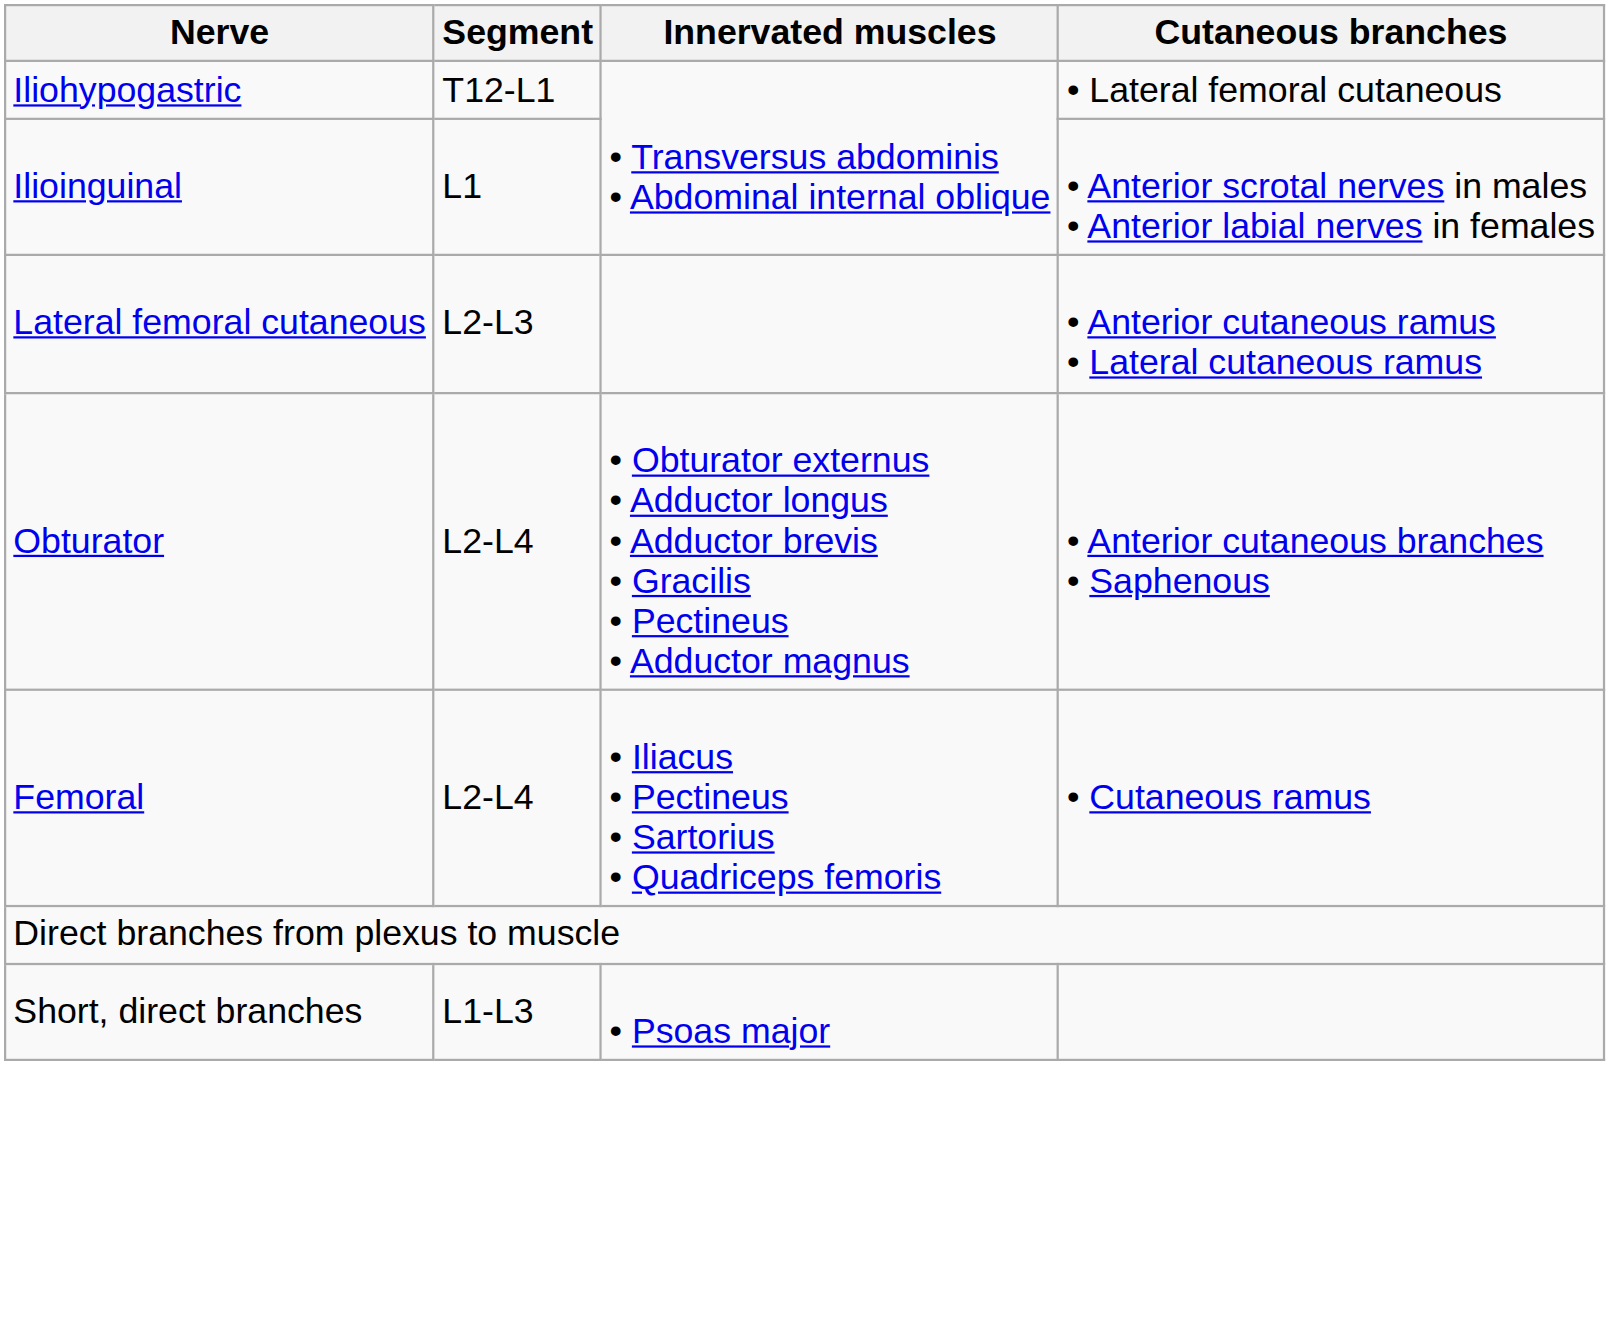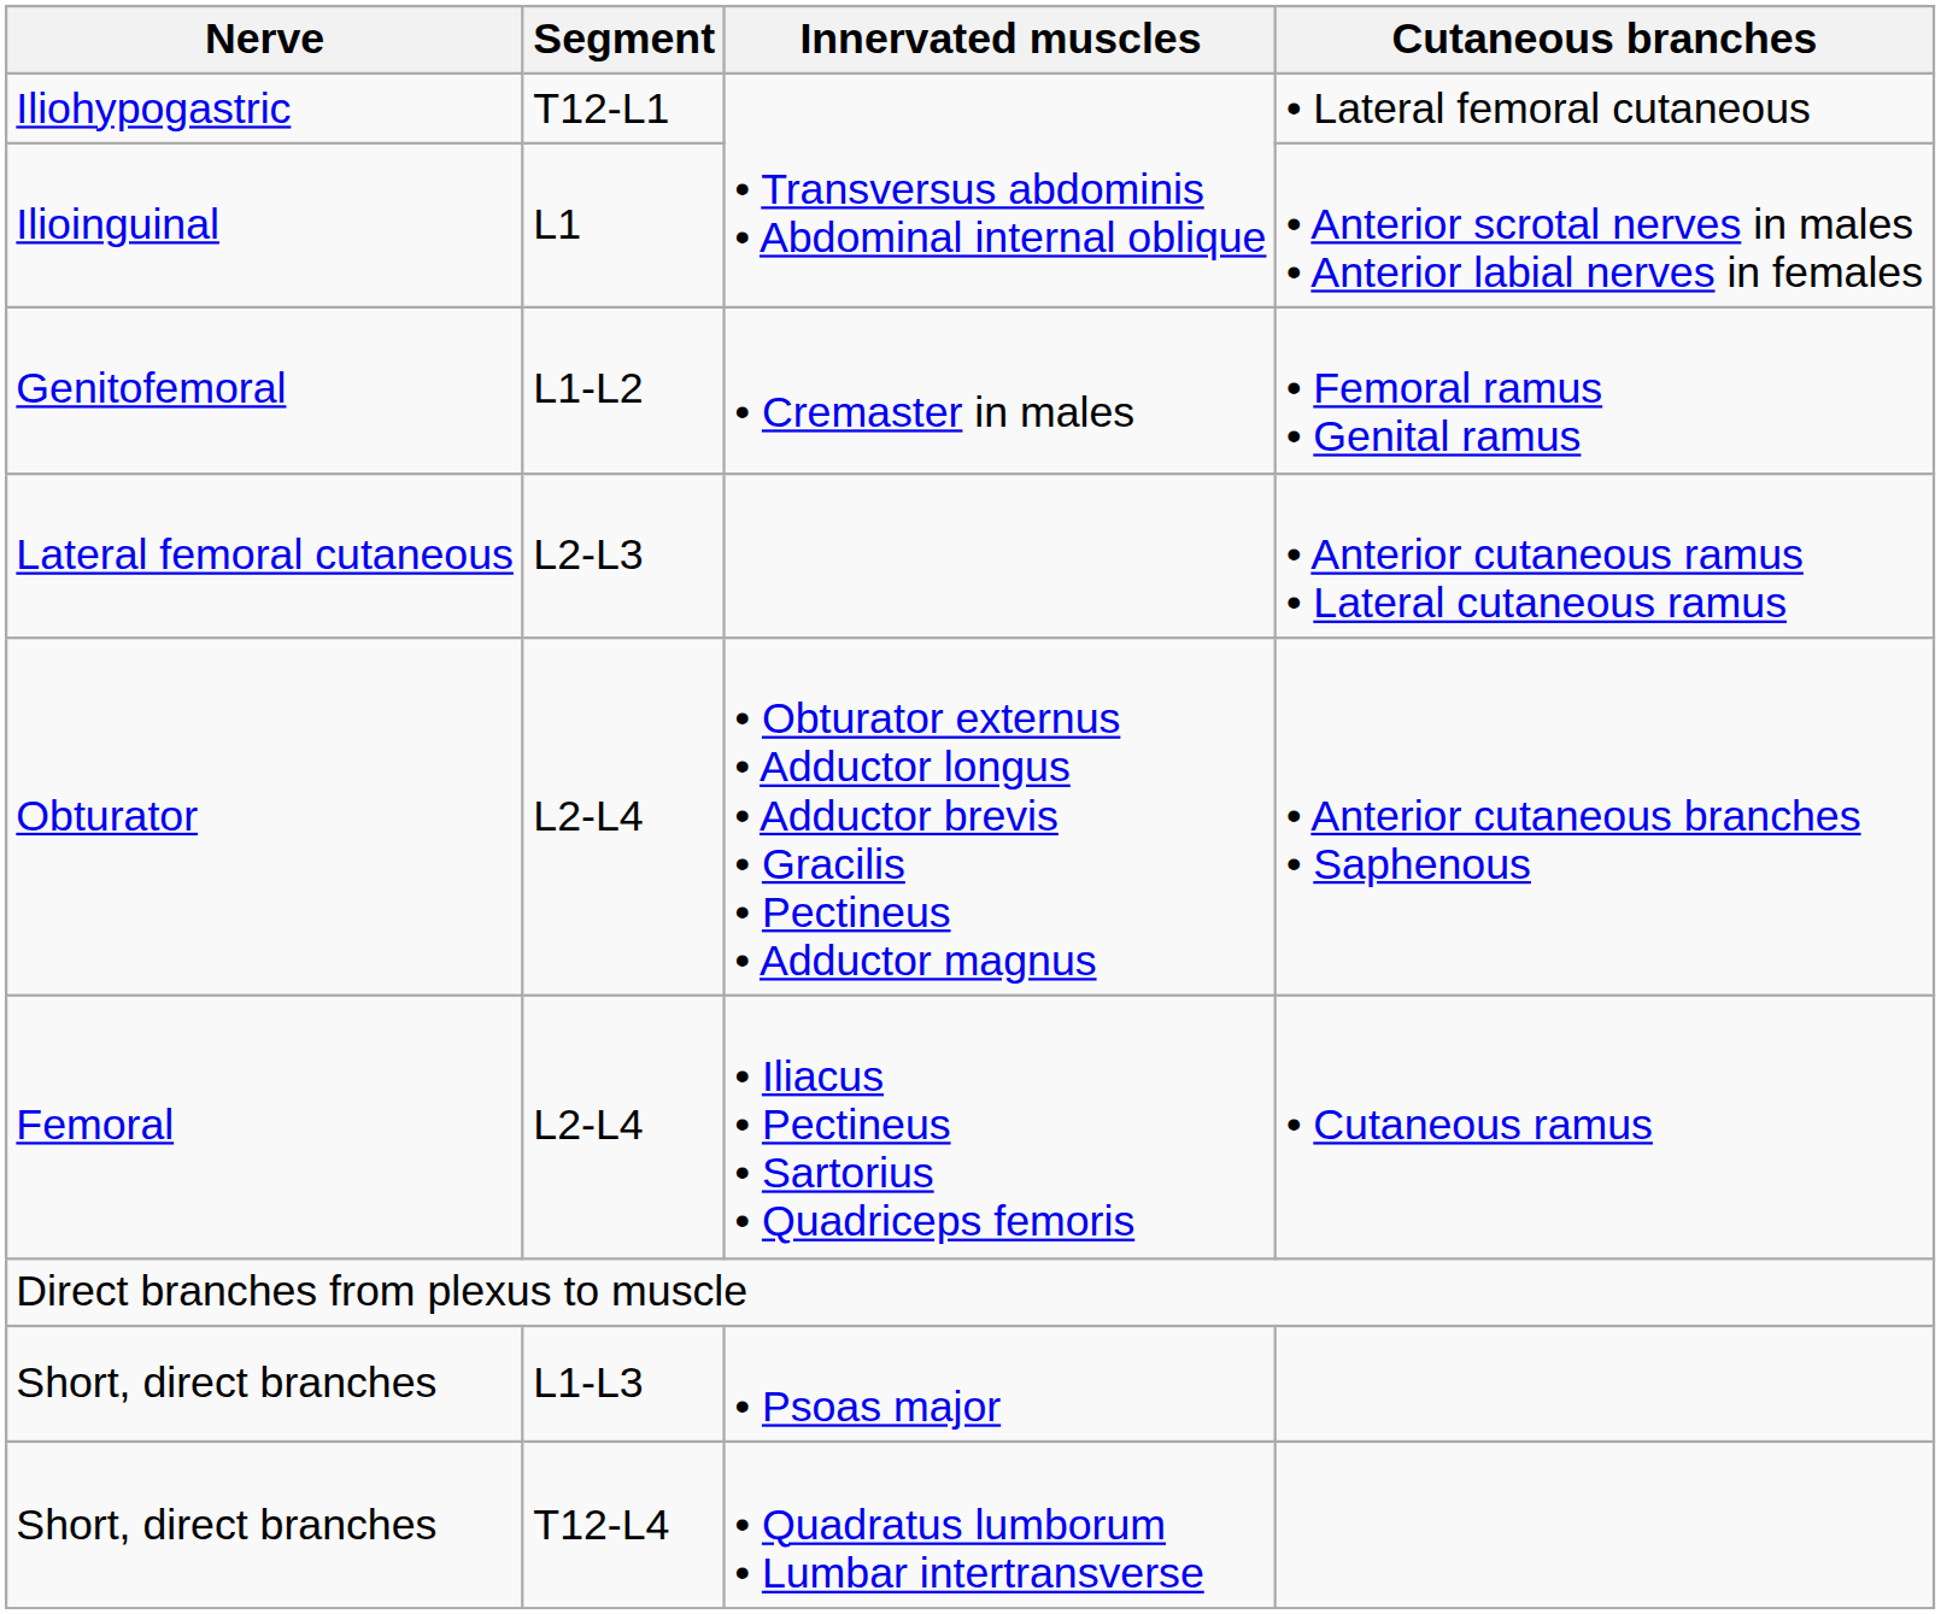 <table class="wikitable" align="center">
 <tr>
 <th>Nerve</th>
 <th>Segment</th>
 <th>Innervated muscles</th>
 <th>Cutaneous branches</th>
 </tr>
 <tr>
 <td><a href='#'>Iliohypogastric</a></td>
 <td>T12-L1</td>
 <td rowspan=2><br>• <a href='#'>Transversus abdominis</a><br> • <a href='#'>Abdominal internal oblique</a></td>
 <td>• Lateral femoral cutaneous</td>
 </tr>
 <tr>
 <td><a href='#'>Ilioinguinal</a></td>
 <td>L1</td>
 <td><br>• <a href='#'>Anterior scrotal nerves</a> in males<br> • <a href='#'>Anterior labial nerves</a> in females</td>
+</tr>
+<tr>
+<td><a href='#'>Genitofemoral</a></td>
+<td>L1-L2</td>
+<td><br>• <a href='#'>Cremaster</a> in males<br></td>
+<td><br>• <a href='#'>Femoral ramus</a><br> • <a href='#'>Genital ramus</a></td>
 </tr>
 <tr>
 <td><a href='#'>Lateral femoral cutaneous</a></td>
 <td>L2-L3</td>
 <td> </td>
 <td><br>• <a href='#'>Anterior cutaneous ramus</a><br> • <a href='#'>Lateral cutaneous ramus</a></td>
 </tr>
 <tr>
 <td><a href='#'>Obturator</a></td>
 <td>L2-L4</td>
 <td><br>• <a href='#'>Obturator externus</a><br> • <a href='#'>Adductor longus</a><br> • <a href='#'>Adductor brevis</a><br> • <a href='#'>Gracilis</a><br> • <a href='#'>Pectineus</a><br> • <a href='#'>Adductor magnus</a></td>
 <td><br>• <a href='#'>Anterior cutaneous branches</a><br> • <a href='#'>Saphenous</a></td>
 </tr>
 <tr>
 <td><a href='#'>Femoral</a></td>
 <td>L2-L4</td>
 <td><br>• <a href='#'>Iliacus</a><br> • <a href='#'>Pectineus</a><br> • <a href='#'>Sartorius</a><br> • <a href='#'>Quadriceps femoris</a></td>
 <td>• <a href='#'>Cutaneous ramus</a></td>
 </tr>
 <tr>
 <td colspan=4>Direct branches from plexus to muscle</td>
 </tr>
 <tr>
 <td>Short, direct branches</td>
 <td>L1-L3</td>
 <td><br>• <a href='#'>Psoas major</a></td>
 <td> </td>
 </tr>
+<tr>
+<td>Short, direct branches</td>
+<td>T12-L4</td>
+<td><br>• <a href='#'>Quadratus lumborum</a><br> • <a href='#'>Lumbar intertransverse</a></td>
+<td> </td>
+</tr>
 </table>
